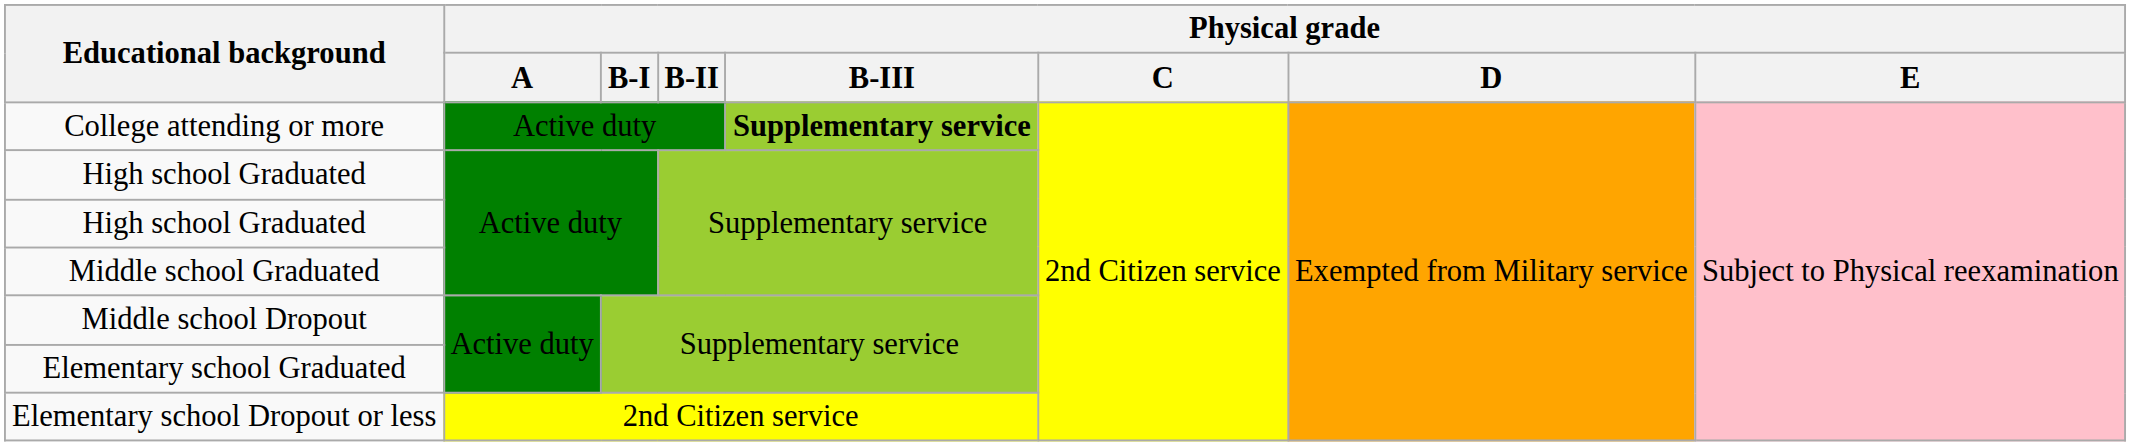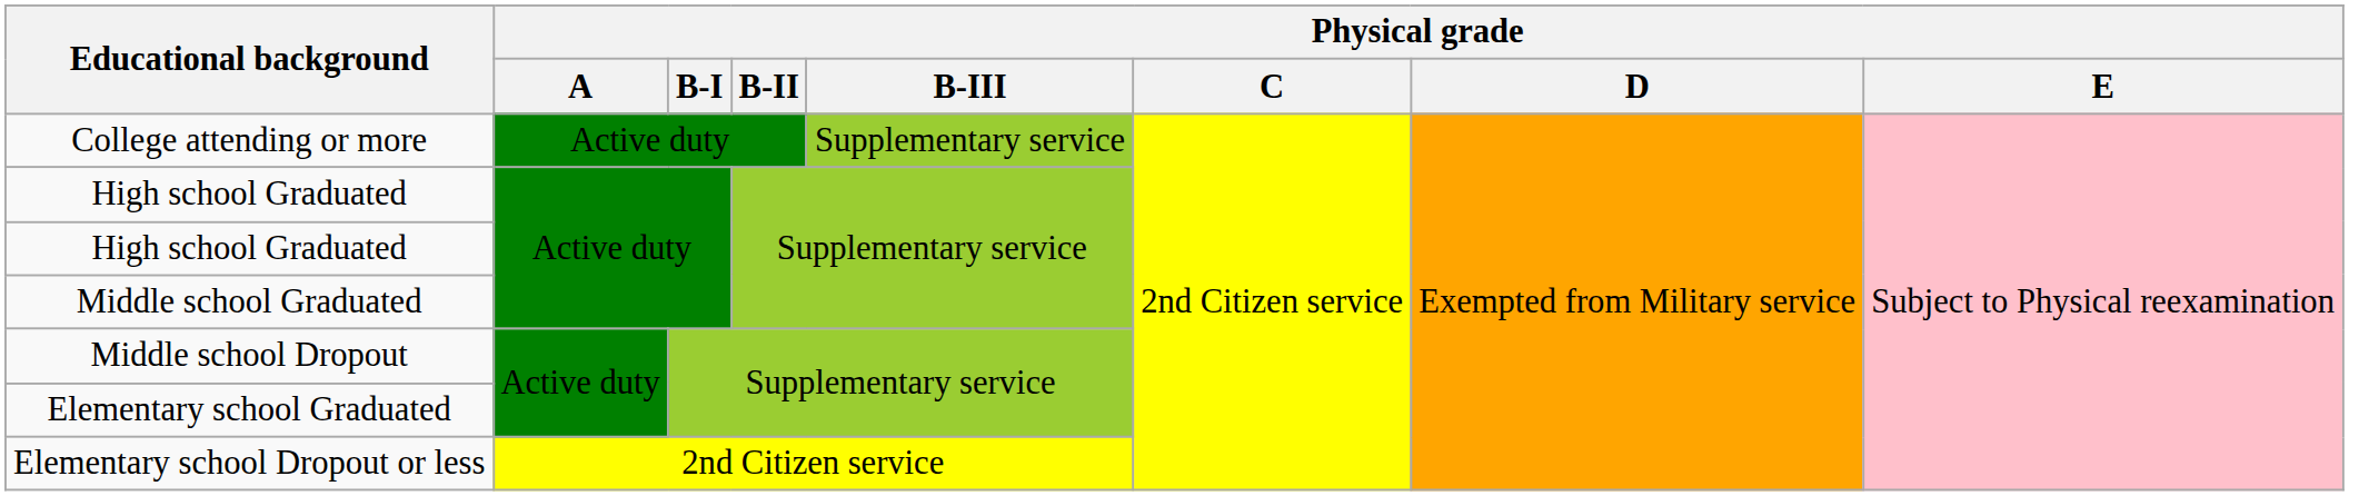 <table class="wikitable">
 <tr>
 <th rowspan="2">Educational background</th>
 <th colspan="7">Physical grade</th>
 </tr>
 <tr>
 <th>A</th>
 <th>B-I</th>
 <th>B-II</th>
 <th>B-III</th>
 <th>C</th>
 <th>D</th>
 <th>E</th>
 </tr>
 <tr>
 <td div style="text-align:center">College attending or more</td>
 <td colspan="3" div style="background:green; text-align:center;">Active duty</td>
-<td div style="background:yellowgreen; text-align:center;"><strong>Supplementary service</strong></td>
+<td div style="background:yellowgreen; text-align:center;">Supplementary service</td>
 <td rowspan="7" div style="background:yellow; text-align:center;">2nd Citizen service</td>
 <td rowspan="7" div style="background:orange; text-align:center;">Exempted from Military service</td>
 <td rowspan="7" div style="background:pink; text-align:center;">Subject to Physical reexamination</td>
 </tr>
 <tr>
 <td div style="text-align:center">High school Graduated</td>
 <td colspan="2" rowspan="3" div style="background:green; text-align:center;">Active duty</td>
 <td colspan="2" rowspan="3" div style="background:yellowgreen; text-align:center;">Supplementary service</td>
 </tr>
 <tr>
 <td div style="text-align:center">High school Graduated</td>
 </tr>
 <tr>
 <td div style="text-align:center">Middle school Graduated</td>
 </tr>
 <tr>
 <td div style="text-align:center">Middle school Dropout</td>
 <td rowspan="2" div style="background:green; text-align:center;">Active duty</td>
 <td colspan="3" rowspan="2" div style="background:yellowgreen; text-align:center;">Supplementary service</td>
 </tr>
 <tr>
 <td div style="text-align:center">Elementary school Graduated</td>
 </tr>
 <tr>
 <td div style="text-align:center">Elementary school Dropout or less</td>
 <td colspan="4" div style="background:yellow; text-align:center;">2nd Citizen service</td>
 </tr>
 </table>
